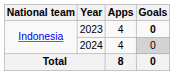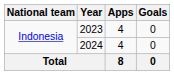 <table class="wikitable" style="text-align:center">
 <tr>
 <th>National team</th>
 <th>Year</th>
 <th>Apps</th>
 <th>Goals</th>
 </tr>
 <tr>
 <td rowspan="2"><a href='#'>Indonesia</a></td>
 <td>2023</td>
 <td>4</td>
-<td><strong>0</strong></td>
+<td>0</td>
 </tr>
 <tr>
 <td>2024</td>
 <td>4</td>
-<td style="background: lightgrey;">0</td>
+<td>0</td>
 </tr>
 <tr>
 <th colspan="2">Total</th>
 <th>8</th>
 <th>0</th>
 </tr>
 </table>
